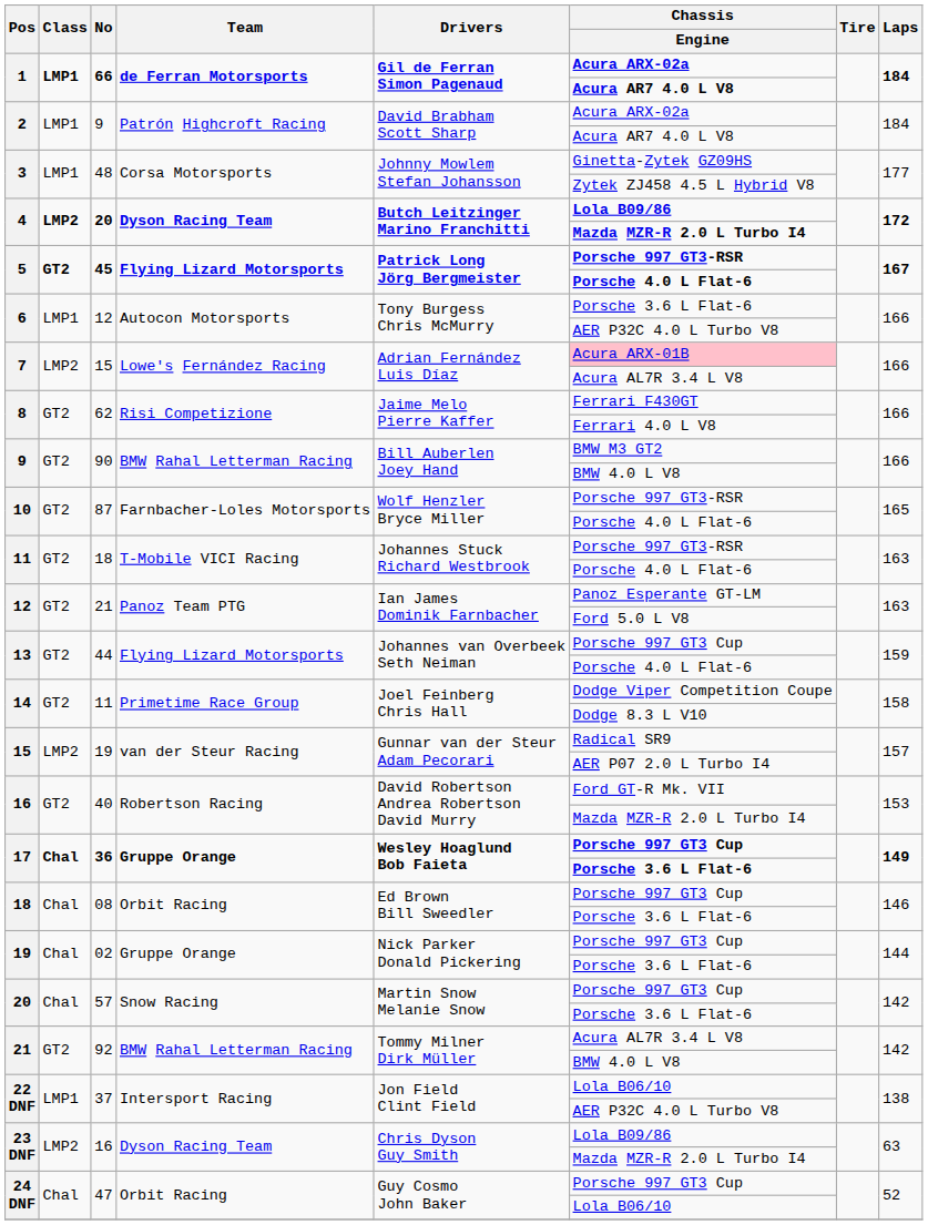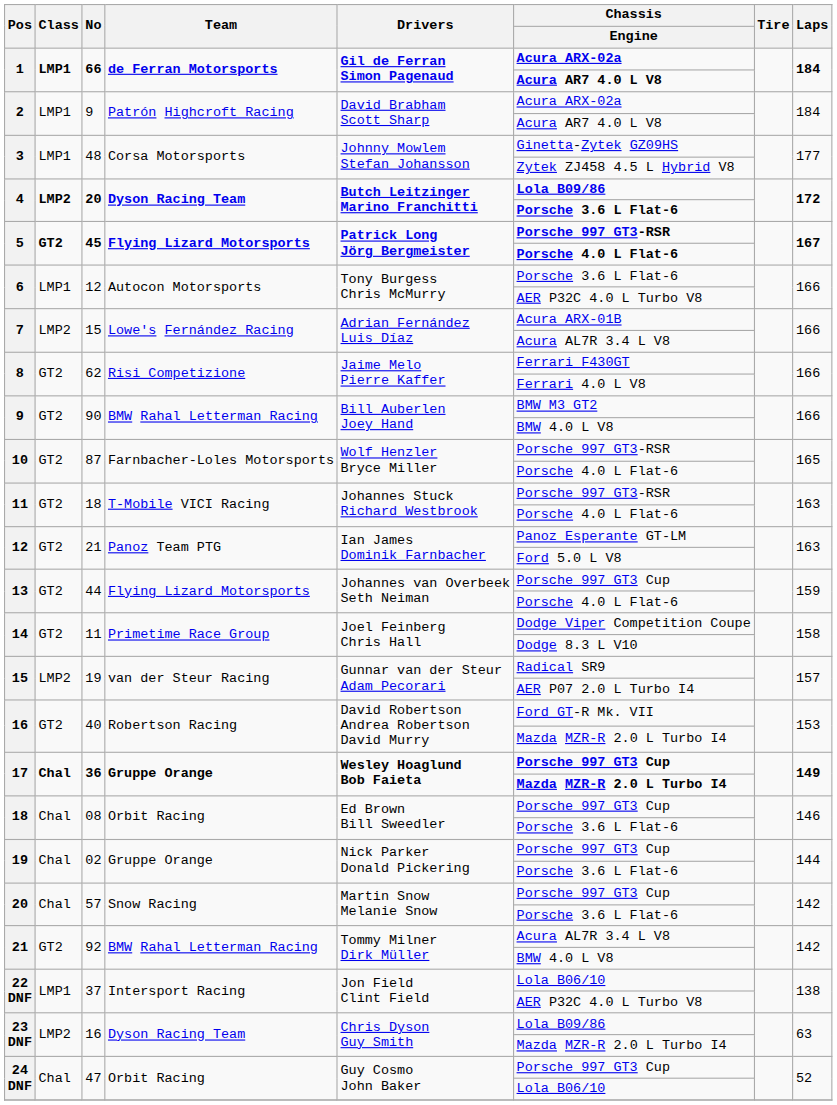 <table class="wikitable" style="font-size: 95%;">
 <tr>
 <th rowspan=2>Pos</th>
 <th rowspan=2>Class</th>
 <th rowspan=2>No</th>
 <th rowspan=2>Team</th>
 <th rowspan=2>Drivers</th>
 <th>Chassis</th>
 <th rowspan=2>Tire</th>
 <th rowspan=2>Laps</th>
 </tr>
 <tr>
 <th>Engine</th>
 </tr>
 <tr style="font-weight:bold">
 <th rowspan=2>1</th>
 <td rowspan=2>LMP1</td>
 <td rowspan=2>66</td>
 <td rowspan=2> <a href='#'>de Ferran Motorsports</a></td>
 <td rowspan=2> <a href='#'>Gil de Ferran</a><br> <a href='#'>Simon Pagenaud</a></td>
 <td><a href='#'>Acura ARX-02a</a></td>
 <td rowspan=2></td>
 <td rowspan=2>184</td>
 </tr>
 <tr style="font-weight:bold">
 <td><a href='#'>Acura</a> AR7 4.0 L V8</td>
 </tr>
 <tr>
 <th rowspan=2>2</th>
 <td rowspan=2>LMP1</td>
 <td rowspan=2>9</td>
 <td rowspan=2> <a href='#'>Patrón</a> <a href='#'>Highcroft Racing</a></td>
 <td rowspan=2> <a href='#'>David Brabham</a><br> <a href='#'>Scott Sharp</a></td>
 <td><a href='#'>Acura ARX-02a</a></td>
 <td rowspan=2></td>
 <td rowspan=2>184</td>
 </tr>
 <tr>
 <td><a href='#'>Acura</a> AR7 4.0 L V8</td>
 </tr>
 <tr>
 <th rowspan=2>3</th>
 <td rowspan=2>LMP1</td>
 <td rowspan=2>48</td>
 <td rowspan=2> Corsa Motorsports</td>
 <td rowspan=2> <a href='#'>Johnny Mowlem</a><br> <a href='#'>Stefan Johansson</a></td>
 <td><a href='#'>Ginetta</a>-<a href='#'>Zytek</a> <a href='#'>GZ09HS</a></td>
 <td rowspan=2></td>
 <td rowspan=2>177</td>
 </tr>
 <tr>
 <td><a href='#'>Zytek</a> ZJ458 4.5 L <a href='#'>Hybrid</a> V8</td>
 </tr>
 <tr style="font-weight:bold">
 <th rowspan=2>4</th>
 <td rowspan=2>LMP2</td>
 <td rowspan=2>20</td>
 <td rowspan=2> <a href='#'>Dyson Racing Team</a></td>
 <td rowspan=2> <a href='#'>Butch Leitzinger</a><br> <a href='#'>Marino Franchitti</a></td>
 <td><a href='#'>Lola B09/86</a></td>
 <td rowspan=2></td>
 <td rowspan=2>172</td>
 </tr>
 <tr style="font-weight:bold">
-<td><a href='#'>Mazda</a> <a href='#'>MZR-R</a> 2.0 L Turbo I4</td>
+<td><a href='#'>Porsche</a> 3.6 L Flat-6</td>
 </tr>
 <tr style="font-weight:bold">
 <th rowspan=2>5</th>
 <td rowspan=2>GT2</td>
 <td rowspan=2>45</td>
 <td rowspan=2> <a href='#'>Flying Lizard Motorsports</a></td>
 <td rowspan=2> <a href='#'>Patrick Long</a><br> <a href='#'>Jörg Bergmeister</a></td>
 <td><a href='#'>Porsche 997 GT3</a>-RSR</td>
 <td rowspan=2></td>
 <td rowspan=2>167</td>
 </tr>
 <tr style="font-weight:bold">
 <td><a href='#'>Porsche</a> 4.0 L Flat-6</td>
 </tr>
 <tr>
 <th rowspan=2>6</th>
 <td rowspan=2>LMP1</td>
 <td rowspan=2>12</td>
 <td rowspan=2> Autocon Motorsports</td>
 <td rowspan=2> Tony Burgess<br> Chris McMurry</td>
 <td><a href='#'>Porsche</a> 3.6 L Flat-6</td>
 <td rowspan=2></td>
 <td rowspan=2>166</td>
 </tr>
 <tr>
 <td><a href='#'>AER</a> P32C 4.0 L Turbo V8</td>
 </tr>
 <tr>
 <th rowspan=2>7</th>
 <td rowspan=2>LMP2</td>
 <td rowspan=2>15</td>
 <td rowspan=2> <a href='#'>Lowe's</a> <a href='#'>Fernández Racing</a></td>
 <td rowspan=2> <a href='#'>Adrian Fernández</a><br> <a href='#'>Luis Díaz</a></td>
-<td style="background: pink;"><a href='#'>Acura ARX-01B</a></td>
+<td><a href='#'>Acura ARX-01B</a></td>
 <td rowspan=2></td>
 <td rowspan=2>166</td>
 </tr>
 <tr>
 <td><a href='#'>Acura</a> AL7R 3.4 L V8</td>
 </tr>
 <tr>
 <th rowspan=2>8</th>
 <td rowspan=2>GT2</td>
 <td rowspan=2>62</td>
 <td rowspan=2> <a href='#'>Risi Competizione</a></td>
 <td rowspan=2> <a href='#'>Jaime Melo</a><br> <a href='#'>Pierre Kaffer</a></td>
 <td><a href='#'>Ferrari F430GT</a></td>
 <td rowspan=2></td>
 <td rowspan=2>166</td>
 </tr>
 <tr>
 <td><a href='#'>Ferrari</a> 4.0 L V8</td>
 </tr>
 <tr>
 <th rowspan=2>9</th>
 <td rowspan=2>GT2</td>
 <td rowspan=2>90</td>
 <td rowspan=2> <a href='#'>BMW</a> <a href='#'>Rahal Letterman Racing</a></td>
 <td rowspan=2> <a href='#'>Bill Auberlen</a><br> <a href='#'>Joey Hand</a></td>
 <td><a href='#'>BMW M3 GT2</a></td>
 <td rowspan=2></td>
 <td rowspan=2>166</td>
 </tr>
 <tr>
 <td><a href='#'>BMW</a> 4.0 L V8</td>
 </tr>
 <tr>
 <th rowspan=2>10</th>
 <td rowspan=2>GT2</td>
 <td rowspan=2>87</td>
 <td rowspan=2> Farnbacher-Loles Motorsports</td>
 <td rowspan=2> <a href='#'>Wolf Henzler</a><br> Bryce Miller</td>
 <td><a href='#'>Porsche 997 GT3</a>-RSR</td>
 <td rowspan=2></td>
 <td rowspan=2>165</td>
 </tr>
 <tr>
 <td><a href='#'>Porsche</a> 4.0 L Flat-6</td>
 </tr>
 <tr>
 <th rowspan=2>11</th>
 <td rowspan=2>GT2</td>
 <td rowspan=2>18</td>
 <td rowspan=2> <a href='#'>T-Mobile</a> VICI Racing</td>
 <td rowspan=2> Johannes Stuck<br> <a href='#'>Richard Westbrook</a></td>
 <td><a href='#'>Porsche 997 GT3</a>-RSR</td>
 <td rowspan=2></td>
 <td rowspan=2>163</td>
 </tr>
 <tr>
 <td><a href='#'>Porsche</a> 4.0 L Flat-6</td>
 </tr>
 <tr>
 <th rowspan=2>12</th>
 <td rowspan=2>GT2</td>
 <td rowspan=2>21</td>
 <td rowspan=2> <a href='#'>Panoz</a> Team PTG</td>
 <td rowspan=2> Ian James<br> <a href='#'>Dominik Farnbacher</a></td>
 <td><a href='#'>Panoz Esperante</a> GT-LM</td>
 <td rowspan=2></td>
 <td rowspan=2>163</td>
 </tr>
 <tr>
 <td><a href='#'>Ford</a> 5.0 L V8</td>
 </tr>
 <tr>
 <th rowspan=2>13</th>
 <td rowspan=2>GT2</td>
 <td rowspan=2>44</td>
 <td rowspan=2> <a href='#'>Flying Lizard Motorsports</a></td>
 <td rowspan=2> Johannes van Overbeek<br> Seth Neiman</td>
 <td><a href='#'>Porsche 997 GT3</a> Cup</td>
 <td rowspan=2></td>
 <td rowspan=2>159</td>
 </tr>
 <tr>
 <td><a href='#'>Porsche</a> 4.0 L Flat-6</td>
 </tr>
 <tr>
 <th rowspan=2>14</th>
 <td rowspan=2>GT2</td>
 <td rowspan=2>11</td>
 <td rowspan=2> <a href='#'>Primetime Race Group</a></td>
 <td rowspan=2> Joel Feinberg<br> Chris Hall</td>
 <td><a href='#'>Dodge Viper</a> Competition Coupe</td>
 <td rowspan=2></td>
 <td rowspan=2>158</td>
 </tr>
 <tr>
 <td><a href='#'>Dodge</a> 8.3 L V10</td>
 </tr>
 <tr>
 <th rowspan=2>15</th>
 <td rowspan=2>LMP2</td>
 <td rowspan=2>19</td>
 <td rowspan=2> van der Steur Racing</td>
 <td rowspan=2> Gunnar van der Steur<br> <a href='#'>Adam Pecorari</a></td>
 <td><a href='#'>Radical</a> SR9</td>
 <td rowspan=2></td>
 <td rowspan=2>157</td>
 </tr>
 <tr>
 <td><a href='#'>AER</a> P07 2.0 L Turbo I4</td>
 </tr>
 <tr>
 <th rowspan=2>16</th>
 <td rowspan=2>GT2</td>
 <td rowspan=2>40</td>
 <td rowspan=2> Robertson Racing</td>
 <td rowspan=2> David Robertson<br> Andrea Robertson<br> David Murry</td>
 <td><a href='#'>Ford GT</a>-R Mk. VII</td>
 <td rowspan=2></td>
 <td rowspan=2>153</td>
 </tr>
 <tr>
 <td><a href='#'>Mazda</a> <a href='#'>MZR-R</a> 2.0 L Turbo I4</td>
 </tr>
 <tr style="font-weight:bold">
 <th rowspan=2>17</th>
 <td rowspan=2>Chal</td>
 <td rowspan=2>36</td>
 <td rowspan=2> Gruppe Orange</td>
 <td rowspan=2> Wesley Hoaglund<br> Bob Faieta</td>
 <td><a href='#'>Porsche 997 GT3</a> Cup</td>
 <td rowspan=2></td>
 <td rowspan=2>149</td>
 </tr>
 <tr style="font-weight:bold">
-<td><a href='#'>Porsche</a> 3.6 L Flat-6</td>
+<td><a href='#'>Mazda</a> <a href='#'>MZR-R</a> 2.0 L Turbo I4</td>
 </tr>
 <tr>
 <th rowspan=2>18</th>
 <td rowspan=2>Chal</td>
 <td rowspan=2>08</td>
 <td rowspan=2> Orbit Racing</td>
 <td rowspan=2> Ed Brown<br> Bill Sweedler</td>
 <td><a href='#'>Porsche 997 GT3</a> Cup</td>
 <td rowspan=2></td>
 <td rowspan=2>146</td>
 </tr>
 <tr>
 <td><a href='#'>Porsche</a> 3.6 L Flat-6</td>
 </tr>
 <tr>
 <th rowspan=2>19</th>
 <td rowspan=2>Chal</td>
 <td rowspan=2>02</td>
 <td rowspan=2> Gruppe Orange</td>
 <td rowspan=2> Nick Parker<br> Donald Pickering</td>
 <td><a href='#'>Porsche 997 GT3</a> Cup</td>
 <td rowspan=2></td>
 <td rowspan=2>144</td>
 </tr>
 <tr>
 <td><a href='#'>Porsche</a> 3.6 L Flat-6</td>
 </tr>
 <tr>
 <th rowspan=2>20</th>
 <td rowspan=2>Chal</td>
 <td rowspan=2>57</td>
 <td rowspan=2> Snow Racing</td>
 <td rowspan=2> Martin Snow<br> Melanie Snow</td>
 <td><a href='#'>Porsche 997 GT3</a> Cup</td>
 <td rowspan=2></td>
 <td rowspan=2>142</td>
 </tr>
 <tr>
 <td><a href='#'>Porsche</a> 3.6 L Flat-6</td>
 </tr>
 <tr>
 <th rowspan=2>21</th>
 <td rowspan=2>GT2</td>
 <td rowspan=2>92</td>
 <td rowspan=2> <a href='#'>BMW</a> <a href='#'>Rahal Letterman Racing</a></td>
 <td rowspan=2> Tommy Milner<br> <a href='#'>Dirk Müller</a></td>
 <td><a href='#'>Acura</a> AL7R 3.4 L V8</td>
 <td rowspan=2></td>
 <td rowspan=2>142</td>
 </tr>
 <tr>
 <td><a href='#'>BMW</a> 4.0 L V8</td>
 </tr>
 <tr>
 <th rowspan=2>22<br>DNF</th>
 <td rowspan=2>LMP1</td>
 <td rowspan=2>37</td>
 <td rowspan=2> Intersport Racing</td>
 <td rowspan=2> Jon Field<br> Clint Field</td>
 <td><a href='#'>Lola B06/10</a></td>
 <td rowspan=2></td>
 <td rowspan=2>138</td>
 </tr>
 <tr>
 <td><a href='#'>AER</a> P32C 4.0 L Turbo V8</td>
 </tr>
 <tr>
 <th rowspan=2>23<br>DNF</th>
 <td rowspan=2>LMP2</td>
 <td rowspan=2>16</td>
 <td rowspan=2> <a href='#'>Dyson Racing Team</a></td>
 <td rowspan=2> <a href='#'>Chris Dyson</a><br> <a href='#'>Guy Smith</a></td>
 <td><a href='#'>Lola B09/86</a></td>
 <td rowspan=2></td>
 <td rowspan=2>63</td>
 </tr>
 <tr>
 <td><a href='#'>Mazda</a> <a href='#'>MZR-R</a> 2.0 L Turbo I4</td>
 </tr>
 <tr>
 <th rowspan=2>24<br>DNF</th>
 <td rowspan=2>Chal</td>
 <td rowspan=2>47</td>
 <td rowspan=2> Orbit Racing</td>
 <td rowspan=2> Guy Cosmo<br> John Baker</td>
 <td><a href='#'>Porsche 997 GT3</a> Cup</td>
 <td rowspan=2></td>
 <td rowspan=2>52</td>
 </tr>
 <tr>
 <td><a href='#'>Lola B06/10</a></td>
 </tr>
 <tr>
 </tr>
 </table>
